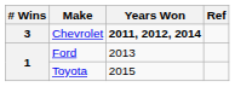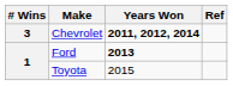 <table class="wikitable" style="font-size: 95%;">
 <tr>
 <th># Wins</th>
 <th>Make</th>
 <th>Years Won</th>
 <th>Ref</th>
 </tr>
 <tr>
 <th>3</th>
 <td> <a href='#'>Chevrolet</a></td>
 <td><strong>2011, 2012, 2014</strong></td>
 <td align="center"></td>
 </tr>
 <tr>
 <th rowspan="2">1</th>
 <td> <a href='#'>Ford</a></td>
-<td>2013</td>
+<td><strong>2013</strong></td>
 <td align="center"></td>
 </tr>
 <tr>
 <td> <a href='#'>Toyota</a></td>
 <td>2015</td>
 <td align="center"></td>
 </tr>
 </table>
